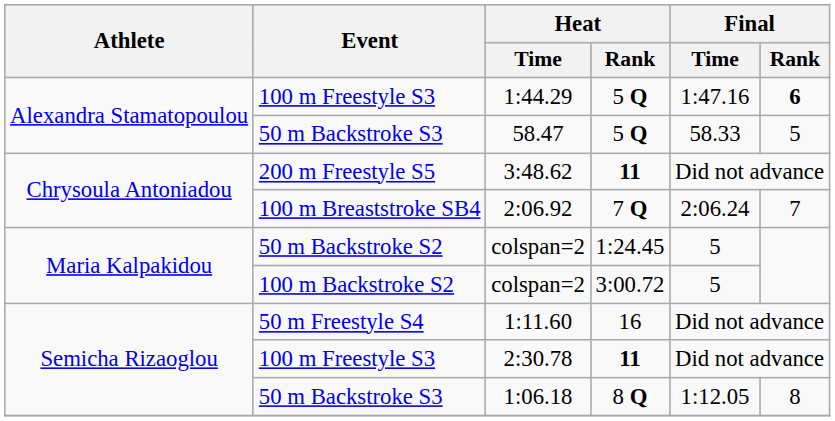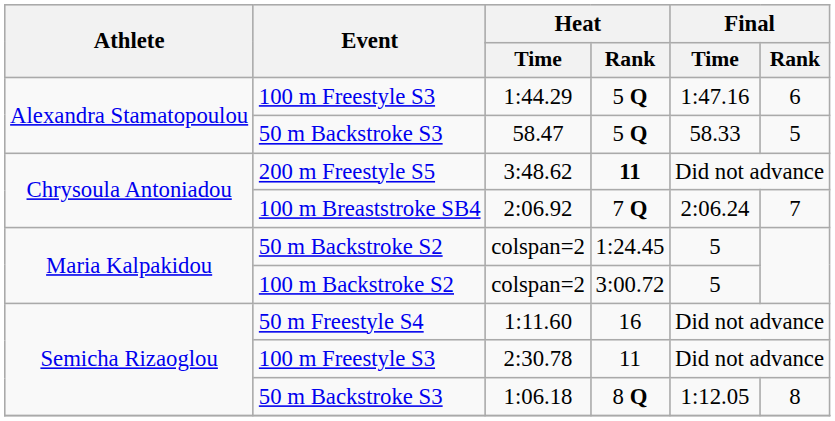 <table class=wikitable style="font-size:90%">
 <tr>
 <th rowspan="2">Athlete</th>
 <th rowspan="2">Event</th>
 <th colspan="2">Heat</th>
 <th colspan="2">Final</th>
 </tr>
 <tr style="font-size:95%">
 <th>Time</th>
 <th>Rank</th>
 <th>Time</th>
 <th>Rank</th>
 </tr>
 <tr align=center>
 <td rowspan=2><a href='#'>Alexandra Stamatopoulou</a></td>
 <td align=left><a href='#'>100 m Freestyle S3</a></td>
 <td>1:44.29</td>
 <td>5 <strong>Q</strong></td>
 <td>1:47.16</td>
-<td><strong>6</strong></td>
+<td>6</td>
 </tr>
 <tr align=center>
 <td align=left><a href='#'>50 m Backstroke S3</a></td>
 <td>58.47</td>
 <td>5 <strong>Q</strong></td>
 <td>58.33</td>
 <td>5</td>
 </tr>
 <tr align=center>
 <td rowspan=2><a href='#'>Chrysoula Antoniadou</a></td>
 <td align=left><a href='#'>200 m Freestyle S5</a></td>
 <td>3:48.62</td>
 <td><strong>11</strong></td>
 <td colspan=2>Did not advance</td>
 </tr>
 <tr align=center>
 <td align=left><a href='#'>100 m Breaststroke SB4</a></td>
 <td>2:06.92</td>
 <td>7 <strong>Q</strong></td>
 <td>2:06.24</td>
 <td>7</td>
 </tr>
 <tr align=center>
 <td rowspan=2><a href='#'>Maria Kalpakidou</a></td>
 <td align=left><a href='#'>50 m Backstroke S2</a></td>
 <td>colspan=2 </td>
 <td>1:24.45</td>
 <td>5</td>
 </tr>
 <tr align=center>
 <td align=left><a href='#'>100 m Backstroke S2</a></td>
 <td>colspan=2 </td>
 <td>3:00.72</td>
 <td>5</td>
 </tr>
 <tr align=center>
 <td rowspan=3><a href='#'>Semicha Rizaoglou</a></td>
 <td align=left><a href='#'>50 m Freestyle S4</a></td>
 <td>1:11.60</td>
 <td>16</td>
 <td colspan=2>Did not advance</td>
 </tr>
 <tr align=center>
 <td align=left><a href='#'>100 m Freestyle S3</a></td>
 <td>2:30.78</td>
-<td><strong>11</strong></td>
+<td>11</td>
 <td colspan=2>Did not advance</td>
 </tr>
 <tr align=center>
 <td align=left><a href='#'>50 m Backstroke S3</a></td>
 <td>1:06.18</td>
 <td>8 <strong>Q</strong></td>
 <td>1:12.05</td>
 <td>8</td>
 </tr>
 <tr align=center>
 </tr>
 </table>
